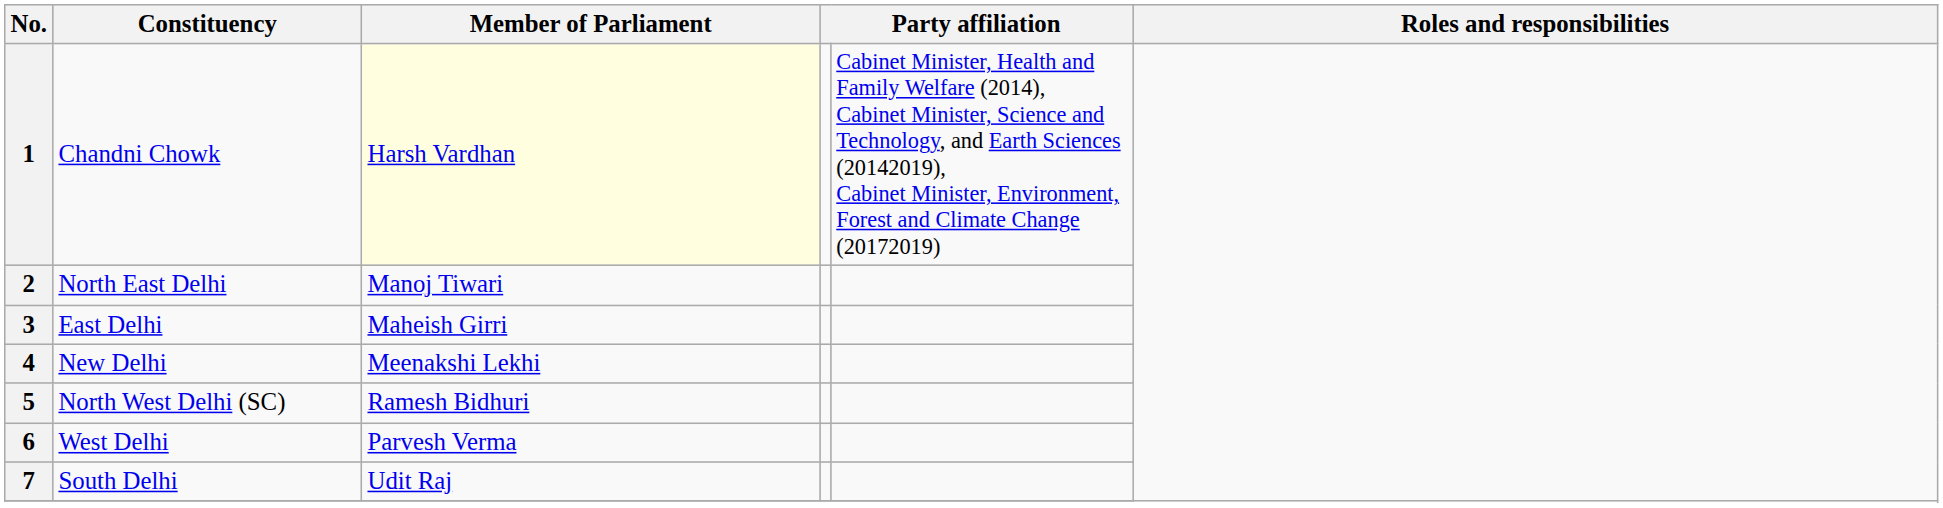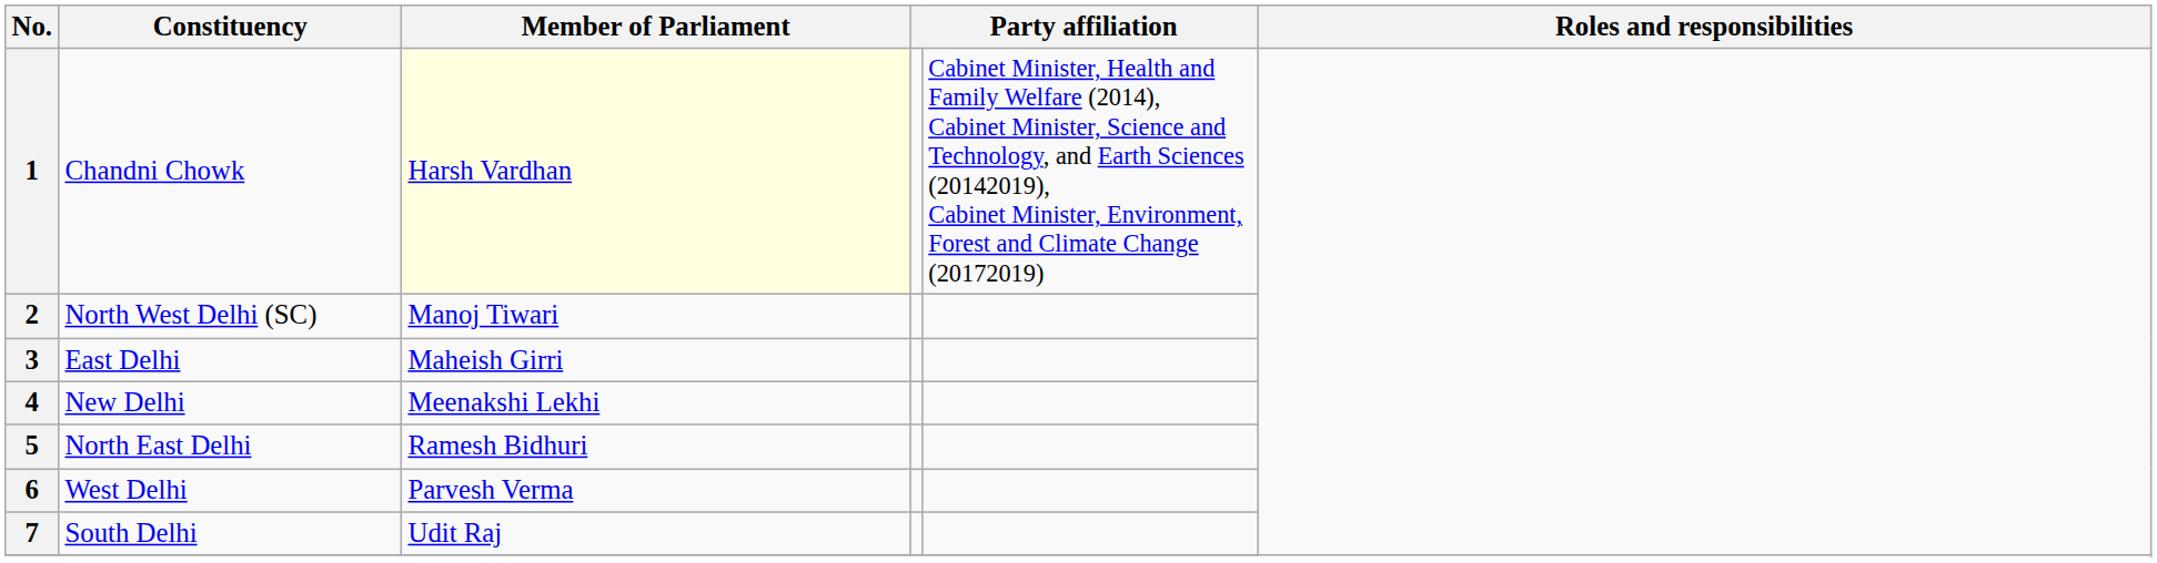 <table class="wikitable">
 <tr style="text-align:center;">
 <th>No.</th>
 <th style="width:12em">Constituency</th>
 <th style="width:18em">Member of Parliament</th>
 <th colspan="2" style="width:18em">Party affiliation</th>
 <th style="width:32em">Roles and responsibilities</th>
 </tr>
 <tr>
 <th>1</th>
 <td><a href='#'>Chandni Chowk</a></td>
 <td style="background: lightyellow;"><a href='#'>Harsh Vardhan</a></td>
 <td></td>
 <td style="font-size:90%"><a href='#'>Cabinet Minister, Health and Family Welfare</a> (2014),<br><a href='#'>Cabinet Minister, Science and Technology</a>, and <a href='#'>Earth Sciences</a> (20142019),<br><a href='#'>Cabinet Minister, Environment, Forest and Climate Change</a> (20172019)</td>
 </tr>
 <tr>
 <th>2</th>
-<td><a href='#'>North East Delhi</a></td>
+<td><a href='#'>North West Delhi</a> (SC)</td>
 <td><a href='#'>Manoj Tiwari</a></td>
 <td></td>
 <td></td>
 </tr>
 <tr>
 <th>3</th>
 <td><a href='#'>East Delhi</a></td>
 <td><a href='#'>Maheish Girri</a></td>
 <td></td>
 <td></td>
 </tr>
 <tr>
 <th>4</th>
 <td><a href='#'>New Delhi</a></td>
 <td><a href='#'>Meenakshi Lekhi</a></td>
 <td></td>
 <td></td>
 </tr>
 <tr>
 <th>5</th>
-<td><a href='#'>North West Delhi</a> (SC)</td>
+<td><a href='#'>North East Delhi</a></td>
 <td><a href='#'>Ramesh Bidhuri</a></td>
 <td></td>
 <td></td>
 </tr>
 <tr>
 <th>6</th>
 <td><a href='#'>West Delhi</a></td>
 <td><a href='#'>Parvesh Verma</a></td>
 <td></td>
 <td></td>
 </tr>
 <tr>
 <th>7</th>
 <td><a href='#'>South Delhi</a></td>
 <td><a href='#'>Udit Raj</a></td>
 <td></td>
 <td></td>
 </tr>
 <tr>
 </tr>
 </table>
